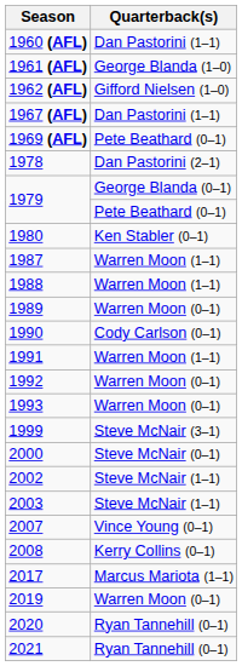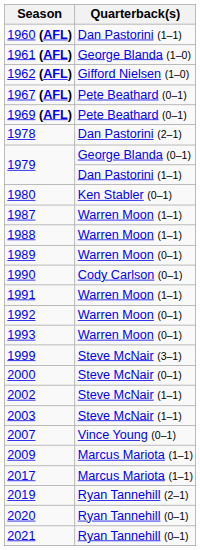 <table class="wikitable">
 <tr>
 <th>Season</th>
 <th>Quarterback(s)</th>
 </tr>
 <tr>
 <td><a href='#'>1960</a> <strong>(<a href='#'>AFL</a>)</strong></td>
 <td><a href='#'>Dan Pastorini</a> <small>(1–1)</small></td>
 </tr>
 <tr>
 <td><a href='#'>1961</a> <strong>(<a href='#'>AFL</a>)</strong></td>
 <td><a href='#'>George Blanda</a> <small>(1–0)</small></td>
 </tr>
 <tr>
 <td><a href='#'>1962</a> <strong>(<a href='#'>AFL</a>)</strong></td>
 <td><a href='#'>Gifford Nielsen</a> <small>(1–0)</small></td>
 </tr>
 <tr>
 <td><a href='#'>1967</a> <strong>(<a href='#'>AFL</a>)</strong></td>
-<td><a href='#'>Dan Pastorini</a> <small>(1–1)</small></td>
+<td><a href='#'>Pete Beathard</a> <small>(0–1)</small></td>
 </tr>
 <tr>
 <td><a href='#'>1969</a> <strong>(<a href='#'>AFL</a>)</strong></td>
 <td><a href='#'>Pete Beathard</a> <small>(0–1)</small></td>
 </tr>
 <tr>
 <td><a href='#'>1978</a></td>
 <td><a href='#'>Dan Pastorini</a> <small>(2–1)</small></td>
 </tr>
 <tr>
 <td rowspan="2"><a href='#'>1979</a></td>
 <td><a href='#'>George Blanda</a> <small>(0–1)</small></td>
 </tr>
 <tr>
-<td><a href='#'>Pete Beathard</a> <small>(0–1)</small></td>
+<td><a href='#'>Dan Pastorini</a> <small>(1–1)</small></td>
 </tr>
 <tr>
 <td><a href='#'>1980</a></td>
 <td><a href='#'>Ken Stabler</a> <small>(0–1)</small></td>
 </tr>
 <tr>
 <td><a href='#'>1987</a></td>
 <td><a href='#'>Warren Moon</a> <small>(1–1)</small></td>
 </tr>
 <tr>
 <td><a href='#'>1988</a></td>
 <td><a href='#'>Warren Moon</a> <small>(1–1)</small></td>
 </tr>
 <tr>
 <td><a href='#'>1989</a></td>
 <td><a href='#'>Warren Moon</a> <small>(0–1)</small></td>
 </tr>
 <tr>
 <td><a href='#'>1990</a></td>
 <td><a href='#'>Cody Carlson</a> <small>(0–1)</small></td>
 </tr>
 <tr>
 <td><a href='#'>1991</a></td>
 <td><a href='#'>Warren Moon</a> <small>(1–1)</small></td>
 </tr>
 <tr>
 <td><a href='#'>1992</a></td>
 <td><a href='#'>Warren Moon</a> <small>(0–1)</small></td>
 </tr>
 <tr>
 <td><a href='#'>1993</a></td>
 <td><a href='#'>Warren Moon</a> <small>(0–1)</small></td>
 </tr>
 <tr>
 <td><a href='#'>1999</a></td>
 <td><a href='#'>Steve McNair</a> <small>(3–1)</small></td>
 </tr>
 <tr>
 <td><a href='#'>2000</a></td>
 <td><a href='#'>Steve McNair</a> <small>(0–1)</small></td>
 </tr>
 <tr>
 <td><a href='#'>2002</a></td>
 <td><a href='#'>Steve McNair</a> <small>(1–1)</small></td>
 </tr>
 <tr>
 <td><a href='#'>2003</a></td>
 <td><a href='#'>Steve McNair</a> <small>(1–1)</small></td>
 </tr>
 <tr>
 <td><a href='#'>2007</a></td>
 <td><a href='#'>Vince Young</a> <small>(0–1)</small></td>
 </tr>
 <tr>
-<td><a href='#'>2008</a></td>
-<td><a href='#'>Kerry Collins</a> <small>(0–1)</small></td>
+<td><a href='#'>2009</a></td>
+<td><a href='#'>Marcus Mariota</a> <small>(1–1)</small></td>
 </tr>
 <tr>
 <td><a href='#'>2017</a></td>
 <td><a href='#'>Marcus Mariota</a> <small>(1–1)</small></td>
 </tr>
 <tr>
 <td><a href='#'>2019</a></td>
-<td><a href='#'>Warren Moon</a> <small>(0–1)</small></td>
+<td><a href='#'>Ryan Tannehill</a> <small>(2–1)</small></td>
 </tr>
 <tr>
 <td><a href='#'>2020</a></td>
 <td><a href='#'>Ryan Tannehill</a> <small>(0–1)</small></td>
 </tr>
 <tr>
 <td><a href='#'>2021</a></td>
 <td><a href='#'>Ryan Tannehill</a> <small>(0–1)</small></td>
 </tr>
 </table>
